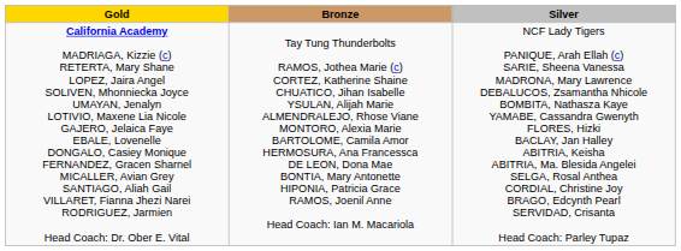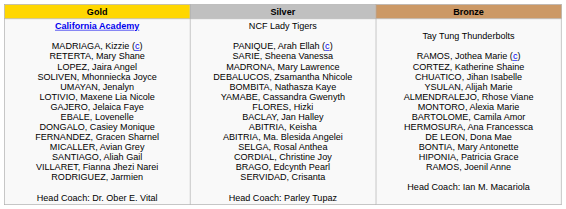 <table class="wikitable" style="text-align:center; font-size:90%">
 <tr>
 <th style="width:20em; background:gold">Gold</th>
+<th style="width:20em; background:silver">Silver</th>
 <th style="width:20em; background:#cc9966">Bronze</th>
-<th style="width:20em; background:silver">Silver</th>
 </tr>
 <tr>
 <td><strong> <a href='#'>California Academy</a></strong><br><br>MADRIAGA, Kizzie (<a href='#'>c</a>)<br> RETERTA, Mary Shane<br> LOPEZ, Jaira Angel<br> SOLIVEN, Mhonniecka Joyce<br> UMAYAN, Jenalyn<br> LOTIVIO, Maxene Lia Nicole<br> GAJERO, Jelaica Faye<br> EBALE, Lovenelle<br> DONGALO, Casiey Monique<br> FERNANDEZ, Gracen Sharnel<br> MICALLER, Avian Grey<br> SANTIAGO, Aliah Gail<br> VILLARET, Fianna Jhezi Narei<br> RODRIGUEZ, Jarmien<br><br>Head Coach: Dr. Ober E. Vital</td>
+<td> NCF Lady Tigers<br><br>PANIQUE, Arah Ellah (<a href='#'>c</a>)<br> SARIE, Sheena Vanessa<br> MADRONA, Mary Lawrence<br> DEBALUCOS, Zsamantha Nhicole<br> BOMBITA, Nathasza Kaye<br> YAMABE, Cassandra Gwenyth<br> FLORES, Hizki<br> BACLAY, Jan Halley<br> ABITRIA, Keisha<br> ABITRIA, Ma. Blesida Angelei<br> SELGA, Rosal Anthea<br> CORDIAL, Christine Joy<br> BRAGO, Edcynth Pearl<br> SERVIDAD, Crisanta<br><br>Head Coach: Parley Tupaz</td>
 <td> Tay Tung Thunderbolts<br><br>RAMOS, Jothea Marie (<a href='#'>c</a>)<br> CORTEZ, Katherine Shaine<br> CHUATICO, Jihan Isabelle<br> YSULAN, Alijah Marie<br> ALMENDRALEJO, Rhose Viane<br> MONTORO, Alexia Marie<br> BARTOLOME, Camila Amor<br> HERMOSURA, Ana Francessca<br> DE LEON, Dona Mae<br> BONTIA, Mary Antonette<br> HIPONIA, Patricia Grace<br> RAMOS, Joenil Anne<br><br>Head Coach: Ian M. Macariola</td>
-<td> NCF Lady Tigers<br><br>PANIQUE, Arah Ellah (<a href='#'>c</a>)<br> SARIE, Sheena Vanessa<br> MADRONA, Mary Lawrence<br> DEBALUCOS, Zsamantha Nhicole<br> BOMBITA, Nathasza Kaye<br> YAMABE, Cassandra Gwenyth<br> FLORES, Hizki<br> BACLAY, Jan Halley<br> ABITRIA, Keisha<br> ABITRIA, Ma. Blesida Angelei<br> SELGA, Rosal Anthea<br> CORDIAL, Christine Joy<br> BRAGO, Edcynth Pearl<br> SERVIDAD, Crisanta<br><br>Head Coach: Parley Tupaz</td>
 </tr>
 </table>
